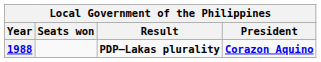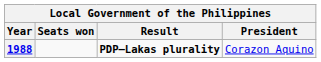 <table class="wikitable" style="text-align:center; font-size:90%">
 <tr>
 <th colspan="4">Local Government of the Philippines</th>
 </tr>
 <tr>
 <th>Year</th>
 <th>Seats won</th>
 <th>Result</th>
 <th>President</th>
 </tr>
 <tr>
 <th><a href='#'>1988</a></th>
 <td></td>
 <td><strong>PDP–Lakas plurality</strong></td>
-<td style="background-color:"><strong><a href='#'>Corazon Aquino</a></strong></td>
+<td style="background-color:"><a href='#'>Corazon Aquino</a></td>
 </tr>
 </table>
